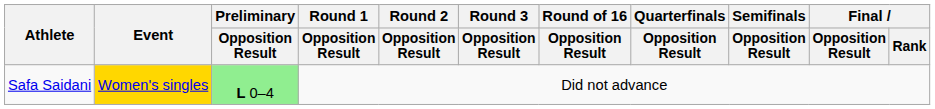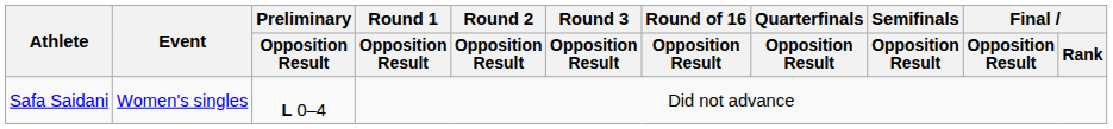 <table class="wikitable" style="font-size:90%;">
 <tr>
 <th rowspan=2>Athlete</th>
 <th rowspan=2>Event</th>
 <th>Preliminary</th>
 <th>Round 1</th>
 <th>Round 2</th>
 <th>Round 3</th>
 <th>Round of 16</th>
 <th>Quarterfinals</th>
 <th>Semifinals</th>
 <th colspan=2>Final / </th>
 </tr>
 <tr style="font-size:95%">
 <th>Opposition<br>Result</th>
 <th>Opposition<br>Result</th>
 <th>Opposition<br>Result</th>
 <th>Opposition<br>Result</th>
 <th>Opposition<br>Result</th>
 <th>Opposition<br>Result</th>
 <th>Opposition<br>Result</th>
 <th>Opposition<br>Result</th>
 <th>Rank</th>
 </tr>
 <tr align=center>
 <td align=left><a href='#'>Safa Saidani</a></td>
-<td align=left style="background: gold;"><a href='#'>Women's singles</a></td>
-<td style="background: lightgreen;"><br><strong>L</strong> 0–4</td>
+<td align=left><a href='#'>Women's singles</a></td>
+<td><br><strong>L</strong> 0–4</td>
 <td colspan=8>Did not advance</td>
 </tr>
 </table>
